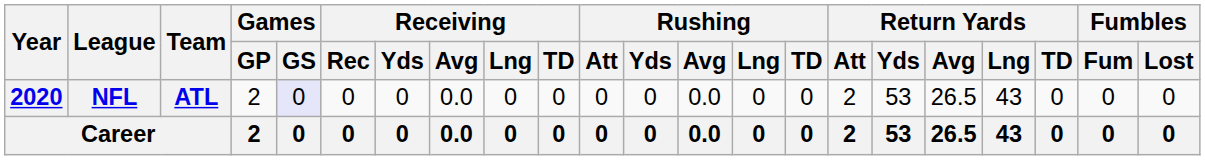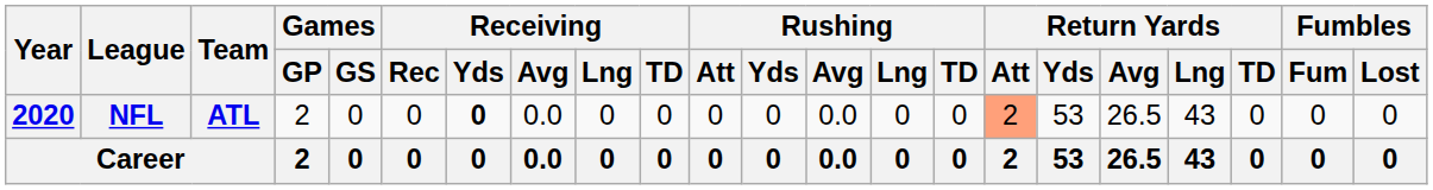 <table class="wikitable" style="text-align:center">
 <tr>
 <th rowspan="2">Year</th>
 <th rowspan="2">League</th>
 <th rowspan="2">Team</th>
 <th colspan="2">Games</th>
 <th colspan="5">Receiving</th>
 <th colspan="5">Rushing</th>
 <th colspan="5">Return Yards</th>
 <th colspan="2">Fumbles</th>
 </tr>
 <tr>
 <th>GP</th>
 <th>GS</th>
 <th>Rec</th>
 <th>Yds</th>
 <th>Avg</th>
 <th>Lng</th>
 <th>TD</th>
 <th>Att</th>
 <th>Yds</th>
 <th>Avg</th>
 <th>Lng</th>
 <th>TD</th>
 <th>Att</th>
 <th>Yds</th>
 <th>Avg</th>
 <th>Lng</th>
 <th>TD</th>
 <th>Fum</th>
 <th>Lost</th>
 </tr>
 <tr>
 <th><a href='#'>2020</a></th>
 <th><a href='#'>NFL</a></th>
 <th><a href='#'>ATL</a></th>
 <td>2</td>
-<td style="background: lavender;">0</td>
 <td>0</td>
 <td>0</td>
+<td><strong>0</strong></td>
 <td>0.0</td>
 <td>0</td>
 <td>0</td>
 <td>0</td>
 <td>0</td>
 <td>0.0</td>
 <td>0</td>
 <td>0</td>
-<td>2</td>
+<td style="background: lightsalmon;">2</td>
 <td>53</td>
 <td>26.5</td>
 <td>43</td>
 <td>0</td>
 <td>0</td>
 <td>0</td>
 </tr>
 <tr>
 <th colspan="3">Career </th>
 <th>2</th>
 <th>0</th>
 <th>0</th>
 <th>0</th>
 <th>0.0</th>
 <th>0</th>
 <th>0</th>
 <th>0</th>
 <th>0</th>
 <th>0.0</th>
 <th>0</th>
 <th>0</th>
 <th>2</th>
 <th>53</th>
 <th>26.5</th>
 <th>43</th>
 <th>0</th>
 <th>0</th>
 <th>0</th>
 </tr>
 </table>
